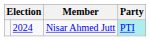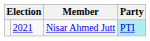 <table class="wikitable">
 <tr>
 <th colspan="2">Election</th>
 <th>Member</th>
 <th>Party</th>
 </tr>
 <tr>
 <td style="background-color: "></td>
-<td><a href='#'>2024</a></td>
+<td><a href='#'>2021</a></td>
 <td><a href='#'>Nisar Ahmed Jutt</a></td>
 <td style="background: paleturquoise;"><a href='#'>PTI</a></td>
 </tr>
 </table>
